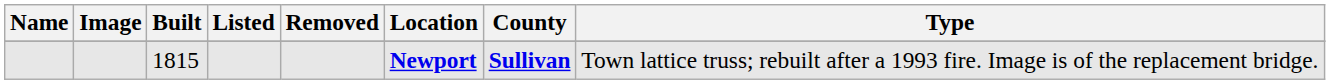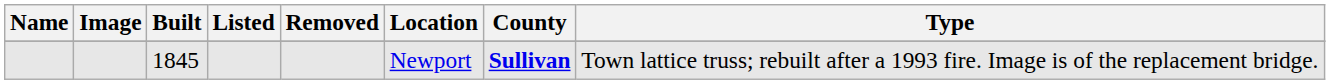 <table class="wikitable">
 <tr>
 <th>Name</th>
 <th>Image</th>
 <th>Built</th>
 <th>Listed</th>
 <th>Removed</th>
 <th>Location</th>
 <th>County</th>
 <th>Type</th>
 </tr>
 <tr>
 </tr>
 <tr bgcolor=e7e7e7>
 <td></td>
 <td></td>
-<td>1815</td>
+<td>1845</td>
 <td></td>
 <td></td>
-<td><strong><a href='#'>Newport</a></strong></td>
+<td><a href='#'>Newport</a></td>
 <td><strong><a href='#'>Sullivan</a></strong></td>
 <td>Town lattice truss; rebuilt after a 1993 fire. Image is of the replacement bridge.</td>
 </tr>
 </table>
